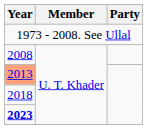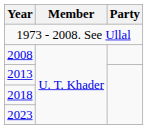 <table class="wikitable sortable">
 <tr>
 <th>Year</th>
 <th>Member</th>
 <th colspan="2">Party</th>
 </tr>
 <tr>
 <td colspan=4 align=center>1973 - 2008. See <a href='#'>Ullal</a></td>
 </tr>
 <tr>
 <td><a href='#'>2008</a></td>
 <td rowspan="4"><a href='#'>U. T. Khader</a></td>
 <td></td>
 </tr>
 <tr>
-<td style="background: lightsalmon;"><a href='#'>2013</a></td>
+<td><a href='#'>2013</a></td>
 </tr>
 <tr>
 <td><a href='#'>2018</a></td>
 </tr>
 <tr>
-<td><strong><a href='#'>2023</a></strong></td>
+<td><a href='#'>2023</a></td>
 </tr>
 </table>
